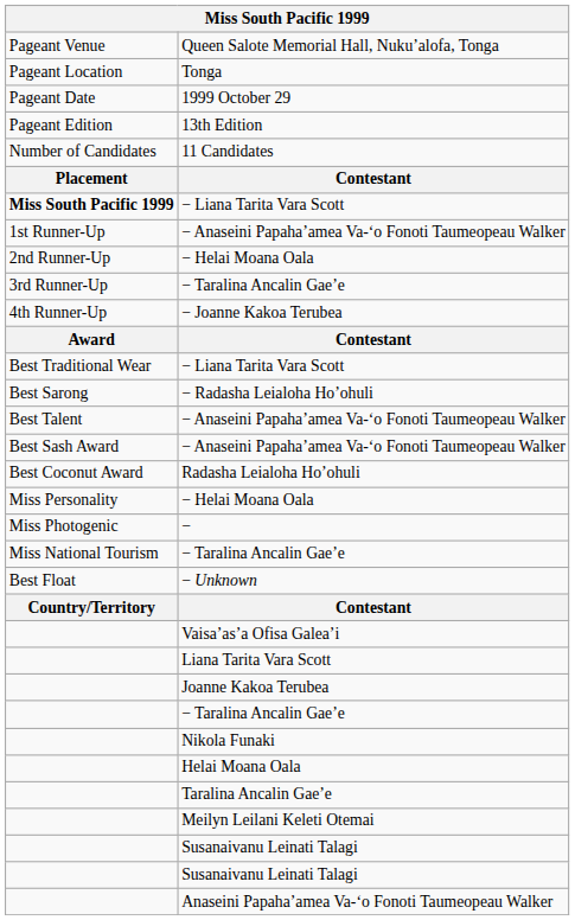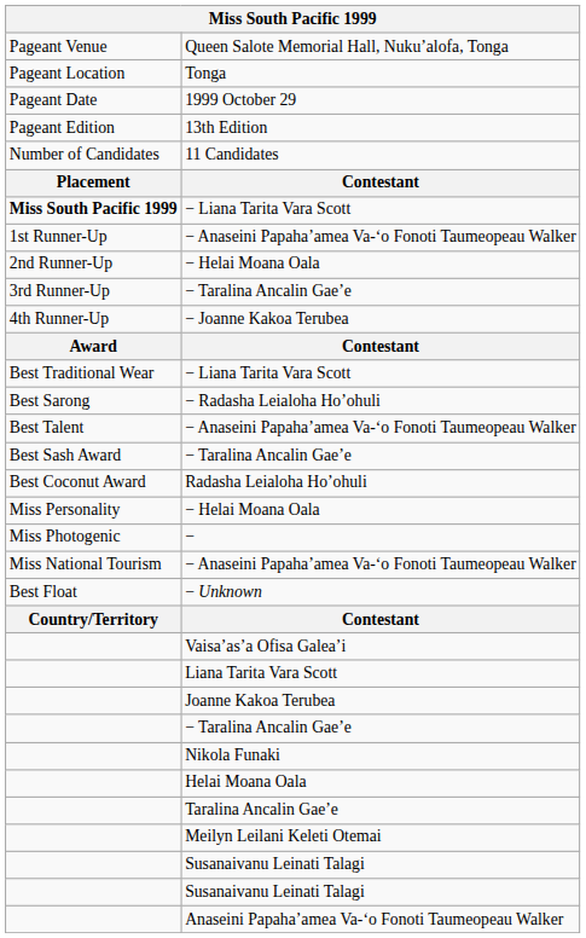 <table class="wikitable sortable" style="font-size: 80%;">
 <tr>
 <th colspan="2"><strong>Miss South Pacific 1999</strong></th>
 </tr>
 <tr>
 <td>Pageant Venue</td>
 <td>Queen Salote Memorial Hall, Nuku’alofa, Tonga</td>
 </tr>
 <tr>
 <td>Pageant Location</td>
 <td>Tonga</td>
 </tr>
 <tr>
 <td>Pageant Date</td>
 <td>1999 October 29</td>
 </tr>
 <tr>
 <td>Pageant Edition</td>
 <td>13th Edition</td>
 </tr>
 <tr>
 <td>Number of Candidates</td>
 <td>11 Candidates</td>
 </tr>
 <tr>
 <th>Placement</th>
 <th>Contestant</th>
 </tr>
 <tr>
 <td><strong>Miss South Pacific 1999</strong></td>
 <td> − Liana Tarita Vara Scott</td>
 </tr>
 <tr>
 <td>1st Runner-Up</td>
 <td> − Anaseini Papaha’amea Va-‘o Fonoti Taumeopeau Walker</td>
 </tr>
 <tr>
 <td>2nd Runner-Up</td>
 <td> − Helai Moana Oala</td>
 </tr>
 <tr>
 <td>3rd Runner-Up</td>
 <td> − Taralina Ancalin Gae’e</td>
 </tr>
 <tr>
 <td>4th Runner-Up</td>
 <td> − Joanne Kakoa Terubea</td>
 </tr>
 <tr>
 <th>Award</th>
 <th>Contestant</th>
 </tr>
 <tr>
 <td>Best Traditional Wear</td>
 <td> − Liana Tarita Vara Scott</td>
 </tr>
 <tr>
 <td>Best Sarong</td>
 <td> − Radasha Leialoha Ho’ohuli</td>
 </tr>
 <tr>
 <td>Best Talent</td>
 <td> − Anaseini Papaha’amea Va-‘o Fonoti Taumeopeau Walker</td>
 </tr>
 <tr>
 <td>Best Sash Award</td>
-<td> − Anaseini Papaha’amea Va-‘o Fonoti Taumeopeau Walker</td>
+<td> − Taralina Ancalin Gae’e</td>
 </tr>
 <tr>
 <td>Best Coconut Award</td>
 <td>Radasha Leialoha Ho’ohuli</td>
 </tr>
 <tr>
 <td>Miss Personality</td>
 <td> − Helai Moana Oala</td>
 </tr>
 <tr>
 <td>Miss Photogenic</td>
 <td> −</td>
 </tr>
 <tr>
 <td>Miss National Tourism</td>
-<td> − Taralina Ancalin Gae’e</td>
+<td> − Anaseini Papaha’amea Va-‘o Fonoti Taumeopeau Walker</td>
 </tr>
 <tr>
 <td>Best Float</td>
 <td> − <em>Unknown</em></td>
 </tr>
 <tr>
 <th><strong>Country/Territory</strong></th>
 <th>Contestant</th>
 </tr>
 <tr>
 <td></td>
 <td>Vaisa’as’a Ofisa Galea’i</td>
 </tr>
 <tr>
 <td></td>
 <td>Liana Tarita Vara Scott</td>
 </tr>
 <tr>
 <td></td>
 <td>Joanne Kakoa Terubea</td>
 </tr>
 <tr>
 <td></td>
 <td> − Taralina Ancalin Gae’e</td>
 </tr>
 <tr>
 <td></td>
 <td>Nikola Funaki</td>
 </tr>
 <tr>
 <td></td>
 <td>Helai Moana Oala</td>
 </tr>
 <tr>
 <td></td>
 <td>Taralina Ancalin Gae’e</td>
 </tr>
 <tr>
 <td></td>
 <td>Meilyn Leilani Keleti Otemai</td>
 </tr>
 <tr>
 <td></td>
 <td>Susanaivanu Leinati Talagi</td>
 </tr>
 <tr>
 <td></td>
 <td>Susanaivanu Leinati Talagi</td>
 </tr>
 <tr>
 <td></td>
 <td>Anaseini Papaha’amea Va-‘o Fonoti Taumeopeau Walker</td>
 </tr>
 </table>
